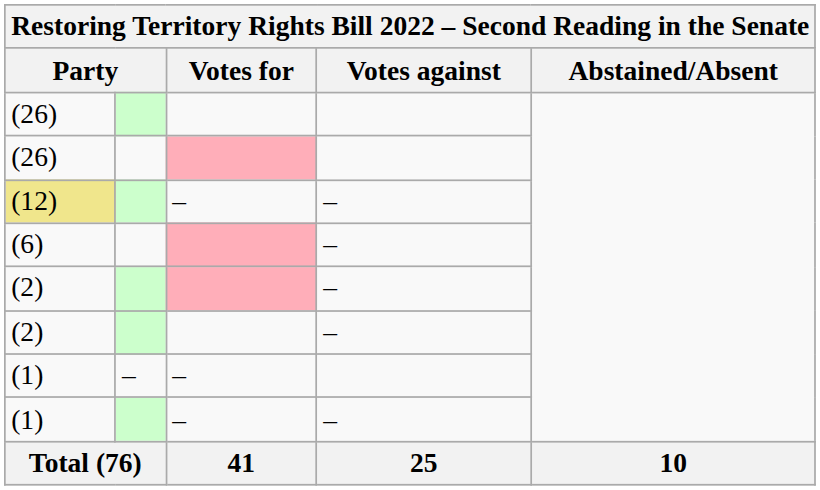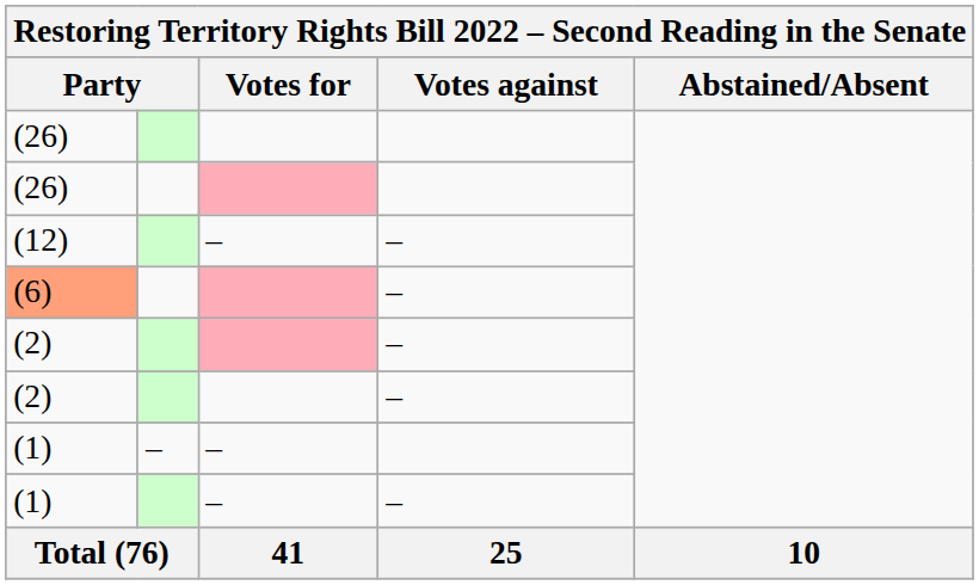 <table class="wikitable mw-collapsible mw-collapsed">
 <tr>
 <th colspan="5">Restoring Territory Rights Bill 2022 – Second Reading in the Senate</th>
 </tr>
 <tr>
 <th colspan="2">Party</th>
 <th>Votes for</th>
 <th>Votes against</th>
 <th>Abstained/Absent</th>
 </tr>
 <tr>
 <td> (26)</td>
 <td style="background-color:#CCFFCC;"></td>
 <td></td>
 <td></td>
 </tr>
 <tr>
 <td> (26)</td>
 <td></td>
 <td style="background-color:#FFAEB9;"></td>
 <td></td>
 </tr>
 <tr>
-<td style="background: khaki;"> (12)</td>
+<td> (12)</td>
 <td style="background-color:#CCFFCC;"></td>
 <td>–</td>
 <td>–</td>
 </tr>
 <tr>
-<td> (6)</td>
+<td style="background: lightsalmon;"> (6)</td>
 <td></td>
 <td style="background-color:#FFAEB9;"></td>
 <td>–</td>
 </tr>
 <tr>
 <td> (2)</td>
 <td style="background-color:#CCFFCC;"></td>
 <td style="background-color:#FFAEB9;"></td>
 <td>–</td>
 </tr>
 <tr>
 <td> (2)</td>
 <td style="background-color:#CCFFCC;"></td>
 <td></td>
 <td>–</td>
 </tr>
 <tr>
 <td> (1)</td>
 <td>–</td>
 <td>–</td>
 <td></td>
 </tr>
 <tr>
 <td> (1)</td>
 <td style="background-color:#CCFFCC;"></td>
 <td>–</td>
 <td>–</td>
 </tr>
 <tr>
 <th colspan=2>Total (76)</th>
 <th>41</th>
 <th>25</th>
 <th>10</th>
 </tr>
 </table>
